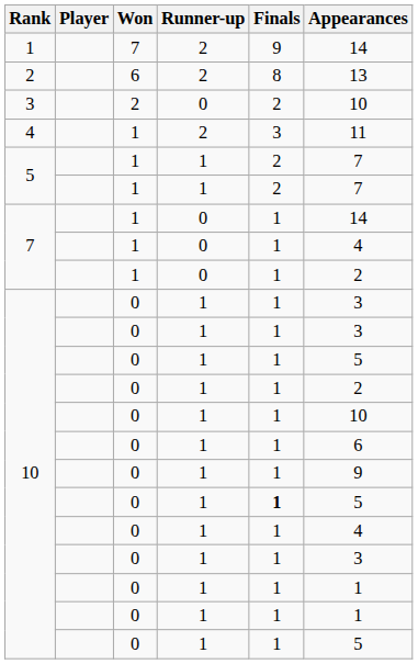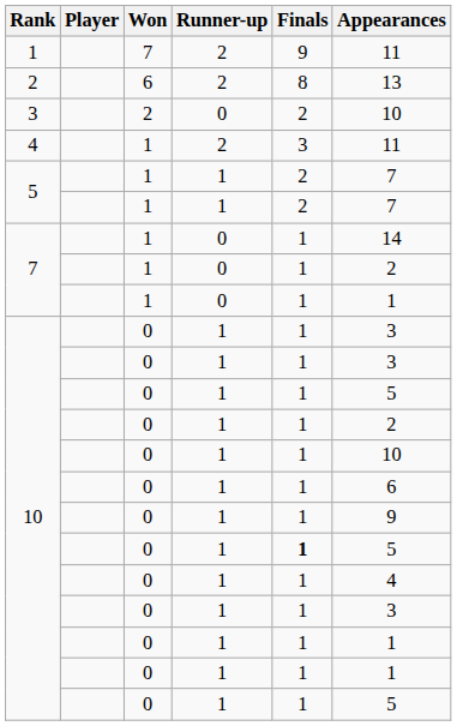 <table class="wikitable sortable">
 <tr>
 <th>Rank</th>
 <th>Player</th>
 <th>Won</th>
 <th>Runner-up</th>
 <th>Finals</th>
 <th>Appearances</th>
 </tr>
 <tr>
 <td align=center rowspan="1">1</td>
 <td></td>
 <td align=center>7</td>
 <td align=center>2</td>
 <td align=center>9</td>
-<td align=center>14</td>
+<td align=center>11</td>
 </tr>
 <tr>
 <td align=center rowspan="1">2</td>
 <td></td>
 <td align=center>6</td>
 <td align=center>2</td>
 <td align=center>8</td>
 <td align=center>13</td>
 </tr>
 <tr>
 <td align=center rowspan="1">3</td>
 <td></td>
 <td align=center>2</td>
 <td align=center>0</td>
 <td align=center>2</td>
 <td align=center>10</td>
 </tr>
 <tr>
 <td align=center rowspan="1">4</td>
 <td></td>
 <td align=center>1</td>
 <td align=center>2</td>
 <td align=center>3</td>
 <td align=center>11</td>
 </tr>
 <tr>
 <td align=center rowspan="2">5</td>
 <td></td>
 <td align=center>1</td>
 <td align=center>1</td>
 <td align=center>2</td>
 <td align=center>7</td>
 </tr>
 <tr>
 <td></td>
 <td align=center>1</td>
 <td align=center>1</td>
 <td align=center>2</td>
 <td align=center>7</td>
 </tr>
 <tr>
 <td align=center rowspan="3">7</td>
 <td></td>
 <td align=center>1</td>
 <td align=center>0</td>
 <td align=center>1</td>
 <td align=center>14</td>
 </tr>
 <tr>
 <td></td>
 <td align=center>1</td>
 <td align=center>0</td>
 <td align=center>1</td>
-<td align=center>4</td>
+<td align=center>2</td>
 </tr>
 <tr>
 <td></td>
 <td align=center>1</td>
 <td align=center>0</td>
 <td align=center>1</td>
-<td align=center>2</td>
+<td align=center>1</td>
 </tr>
 <tr>
 <td align=center rowspan="15">10</td>
 <td></td>
 <td align=center>0</td>
 <td align=center>1</td>
 <td align=center>1</td>
 <td align=center>3</td>
 </tr>
 <tr>
 <td></td>
 <td align=center>0</td>
 <td align=center>1</td>
 <td align=center>1</td>
 <td align=center>3</td>
 </tr>
 <tr>
 <td></td>
 <td align=center>0</td>
 <td align=center>1</td>
 <td align=center>1</td>
 <td align=center>5</td>
 </tr>
 <tr>
 <td></td>
 <td align=center>0</td>
 <td align=center>1</td>
 <td align=center>1</td>
 <td align=center>2</td>
 </tr>
 <tr>
 <td></td>
 <td align=center>0</td>
 <td align=center>1</td>
 <td align=center>1</td>
 <td align=center>10</td>
 </tr>
 <tr>
 <td></td>
 <td align=center>0</td>
 <td align=center>1</td>
 <td align=center>1</td>
 <td align=center>6</td>
 </tr>
 <tr>
 <td></td>
 <td align=center>0</td>
 <td align=center>1</td>
 <td align=center>1</td>
 <td align=center>9</td>
 </tr>
 <tr>
 <td></td>
 <td align=center>0</td>
 <td align=center>1</td>
 <td align=center><strong>1</strong></td>
 <td align=center>5</td>
 </tr>
 <tr>
 <td></td>
 <td align=center>0</td>
 <td align=center>1</td>
 <td align=center>1</td>
 <td align=center>4</td>
 </tr>
 <tr>
 <td></td>
 <td align=center>0</td>
 <td align=center>1</td>
 <td align=center>1</td>
 <td align=center>3</td>
 </tr>
 <tr>
 <td></td>
 <td align=center>0</td>
 <td align=center>1</td>
 <td align=center>1</td>
 <td align=center>1</td>
 </tr>
 <tr>
 <td></td>
 <td align=center>0</td>
 <td align=center>1</td>
 <td align=center>1</td>
 <td align=center>1</td>
 </tr>
 <tr>
 <td></td>
 <td align=center>0</td>
 <td align=center>1</td>
 <td align=center>1</td>
 <td align=center>5</td>
 </tr>
 </table>
